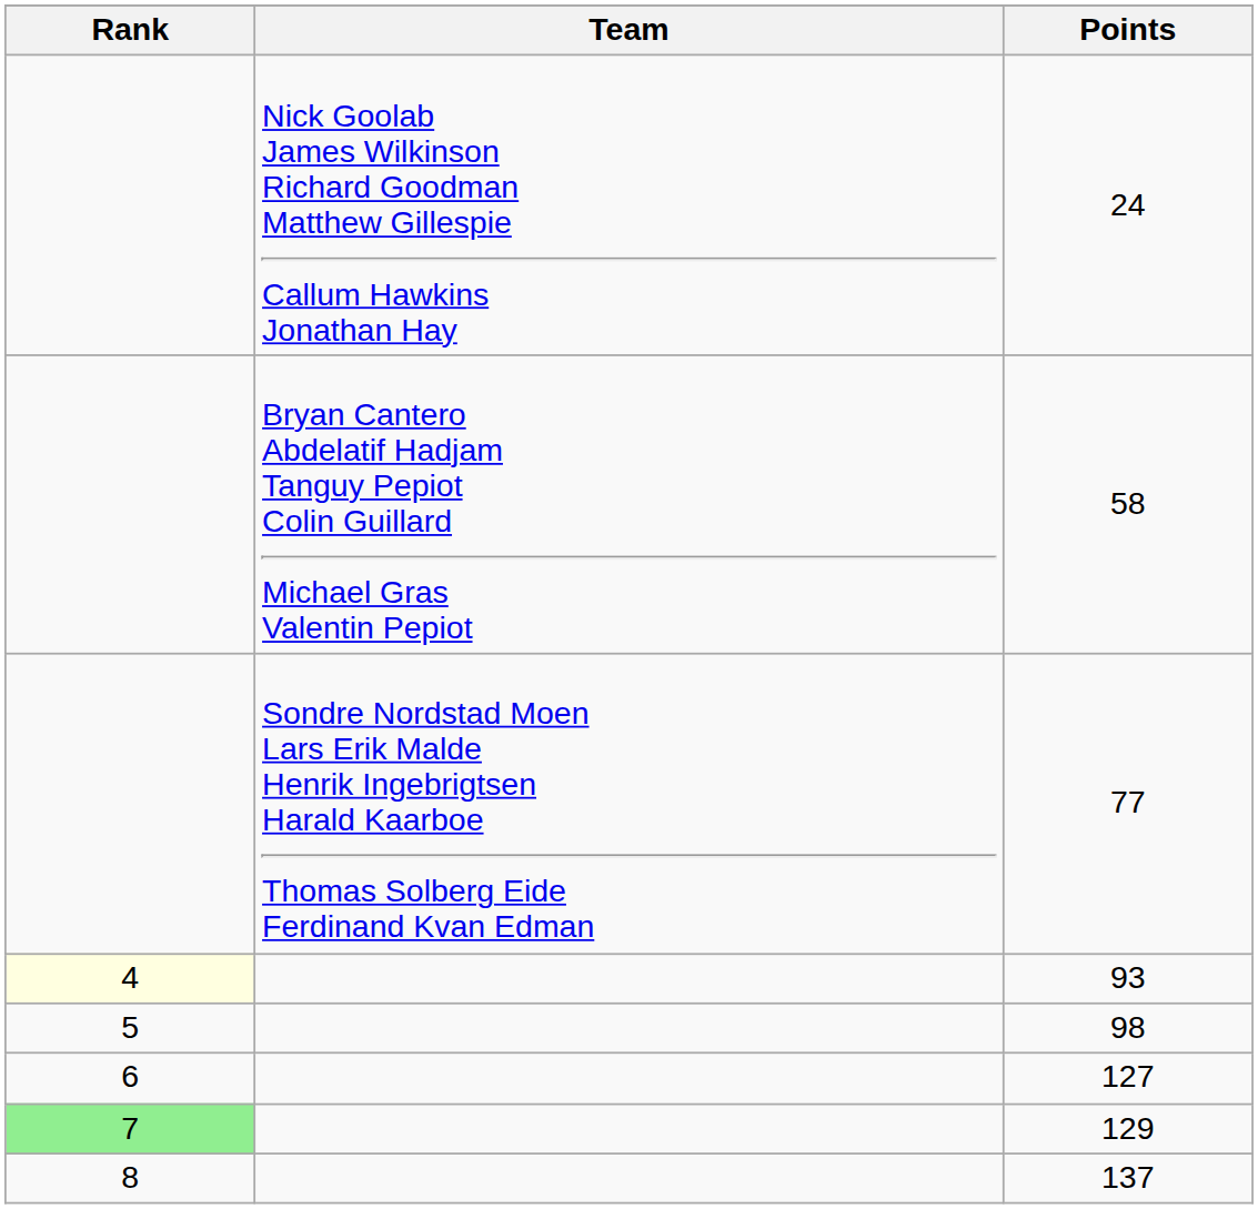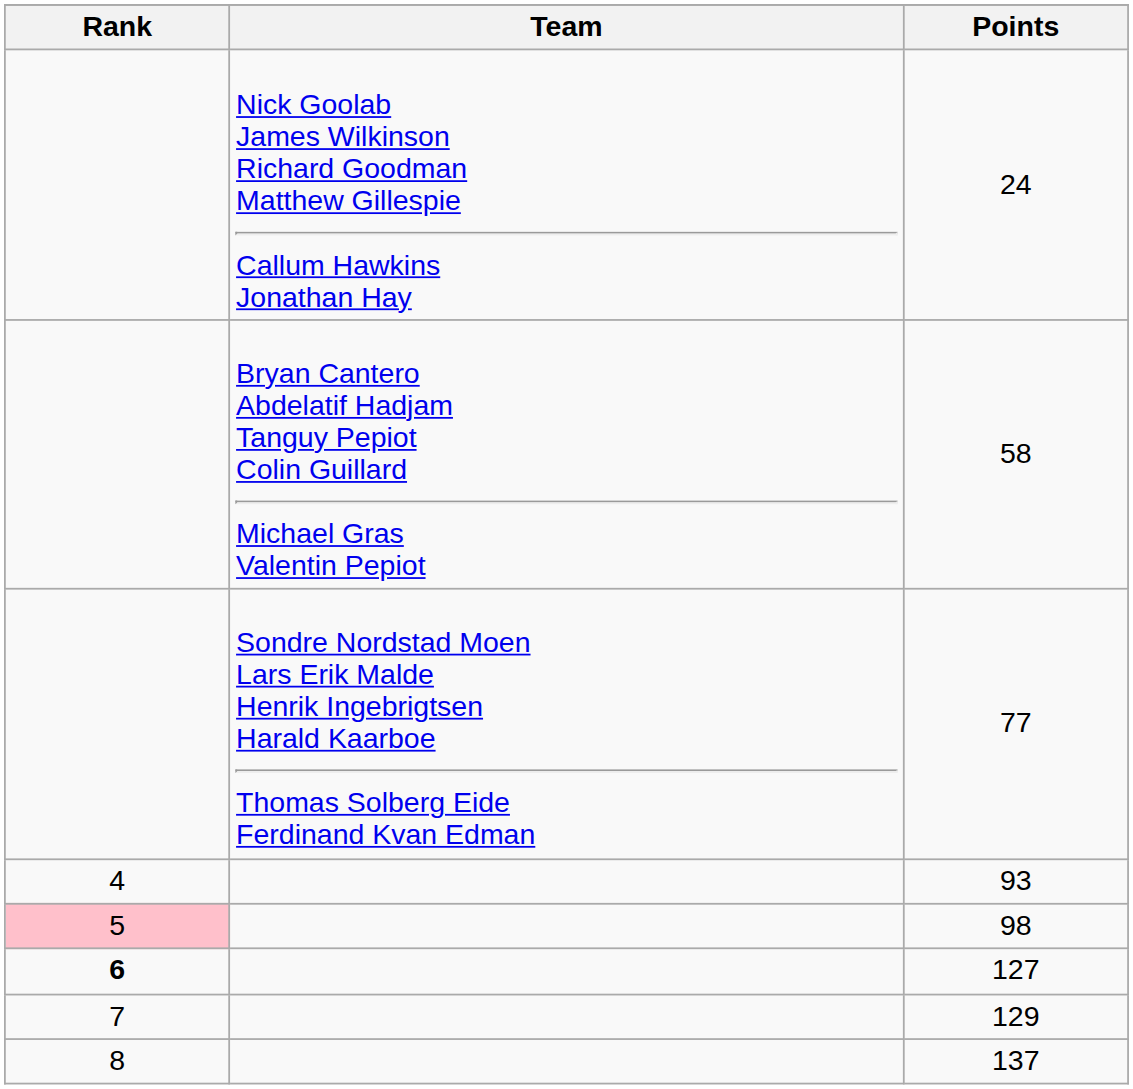 <table class="wikitable" width=50%>
 <tr>
 </tr>
 <tr>
 <th width=10%>Rank</th>
 <th width=30%>Team</th>
 <th width=10%>Points</th>
 </tr>
 <tr align="center">
 <td></td>
 <td align="left"><br><a href='#'>Nick Goolab</a><br><a href='#'>James Wilkinson</a><br><a href='#'>Richard Goodman</a><br><a href='#'>Matthew Gillespie</a><hr><a href='#'>Callum Hawkins</a><br><a href='#'>Jonathan Hay</a></td>
 <td>24</td>
 </tr>
 <tr align="center">
 <td></td>
 <td align="left"><br><a href='#'>Bryan Cantero</a><br><a href='#'>Abdelatif Hadjam</a><br><a href='#'>Tanguy Pepiot</a><br><a href='#'>Colin Guillard</a><hr><a href='#'>Michael Gras</a><br><a href='#'>Valentin Pepiot</a></td>
 <td>58</td>
 </tr>
 <tr align="center">
 <td></td>
 <td align="left"><br><a href='#'>Sondre Nordstad Moen</a><br><a href='#'>Lars Erik Malde</a><br><a href='#'>Henrik Ingebrigtsen</a><br><a href='#'>Harald Kaarboe</a><hr><a href='#'>Thomas Solberg Eide</a><br><a href='#'>Ferdinand Kvan Edman</a></td>
 <td>77</td>
 </tr>
 <tr align="center">
-<td style="background: lightyellow;">4</td>
+<td>4</td>
 <td align="left"></td>
 <td>93</td>
 </tr>
 <tr align="center">
-<td>5</td>
+<td style="background: pink;">5</td>
 <td align="left"></td>
 <td>98</td>
 </tr>
 <tr align="center">
-<td>6</td>
+<td><strong>6</strong></td>
 <td align="left"></td>
 <td>127</td>
 </tr>
 <tr align="center">
-<td style="background: lightgreen;">7</td>
+<td>7</td>
 <td align="left"></td>
 <td>129</td>
 </tr>
 <tr align="center">
 <td>8</td>
 <td align="left"></td>
 <td>137</td>
 </tr>
 </table>
